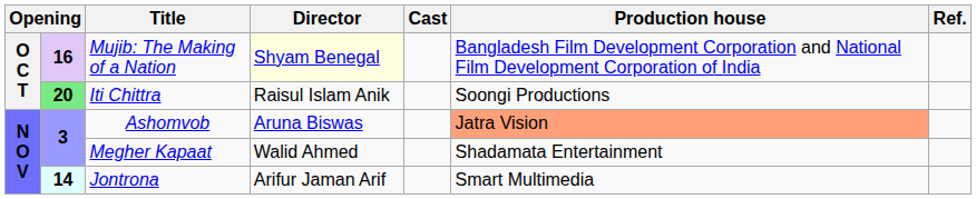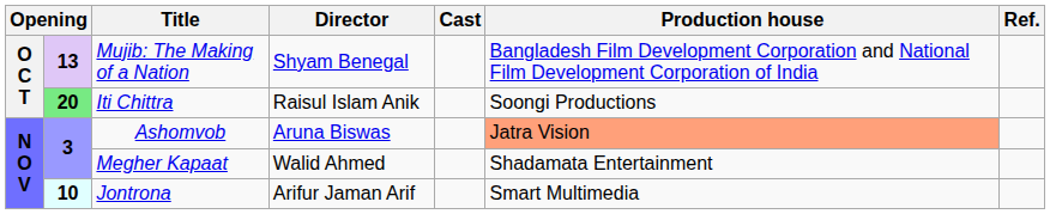 <table class="wikitable sortable">
 <tr style="background:#b0e0e6; text-align:center"y>
 <th colspan="2">Opening</th>
 <th style="width:17%">Title</th>
 <th style="width:16%">Director</th>
 <th>Cast</th>
 <th>Production house</th>
 <th>Ref.</th>
 </tr>
 <tr>
 <th rowspan="2">O<br>C<br>T</th>
-<td style="text-align:center; background:#dfc7f7;"><strong>16</strong></td>
+<td style="text-align:center; background:#dfc7f7;"><strong>13</strong></td>
 <td><em><a href='#'>Mujib: The Making of a Nation</a></em></td>
-<td style="background: lightyellow;"><a href='#'>Shyam Benegal</a></td>
+<td><a href='#'>Shyam Benegal</a></td>
 <td></td>
 <td><a href='#'>Bangladesh Film Development Corporation</a> and <a href='#'>National Film Development Corporation of India</a></td>
 <td></td>
 </tr>
 <tr>
 <td style="text-align:center; background:#77ea83;"><strong>20</strong></td>
 <td><em><a href='#'>Iti Chittra</a></em></td>
 <td>Raisul Islam Anik</td>
 <td></td>
 <td>Soongi Productions</td>
 <td></td>
 </tr>
 <tr>
 <td rowspan="3" style="text-align:center; background:#6f6fff; textcolor:#000;"><strong>N<br>O<br>V</strong></td>
 <td rowspan="2" style="text-align:center; background:#9999ff;"><strong>3</strong></td>
 <td style="text-align:center;"><em><a href='#'>Ashomvob</a></em></td>
 <td><a href='#'>Aruna Biswas</a></td>
 <td></td>
 <td style="background: lightsalmon;">Jatra Vision</td>
 <td></td>
 </tr>
 <tr>
 <td><em><a href='#'>Megher Kapaat</a></em></td>
 <td>Walid Ahmed</td>
 <td></td>
 <td>Shadamata Entertainment</td>
 <td></td>
 </tr>
 <tr>
-<td style="text-align:center; background:#e0ffff;"><strong>14</strong></td>
+<td style="text-align:center; background:#e0ffff;"><strong>10</strong></td>
 <td><em><a href='#'>Jontrona</a></em></td>
 <td>Arifur Jaman Arif</td>
 <td></td>
 <td>Smart Multimedia</td>
 <td></td>
 </tr>
 </table>
